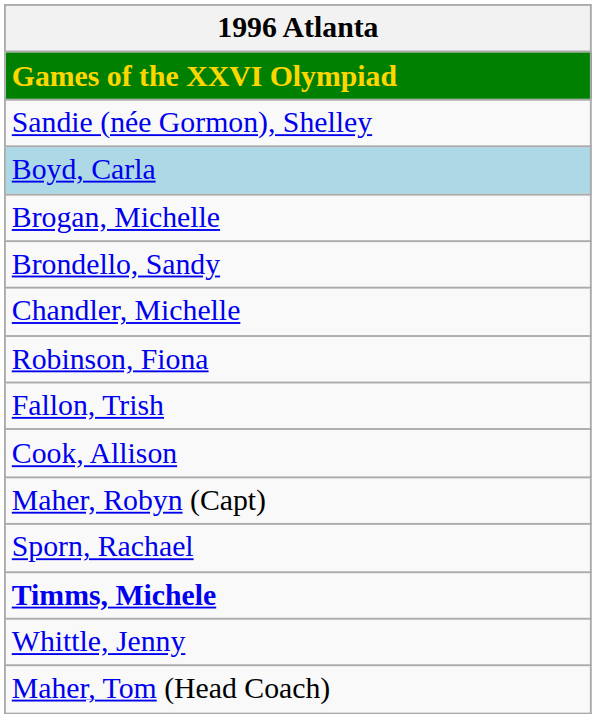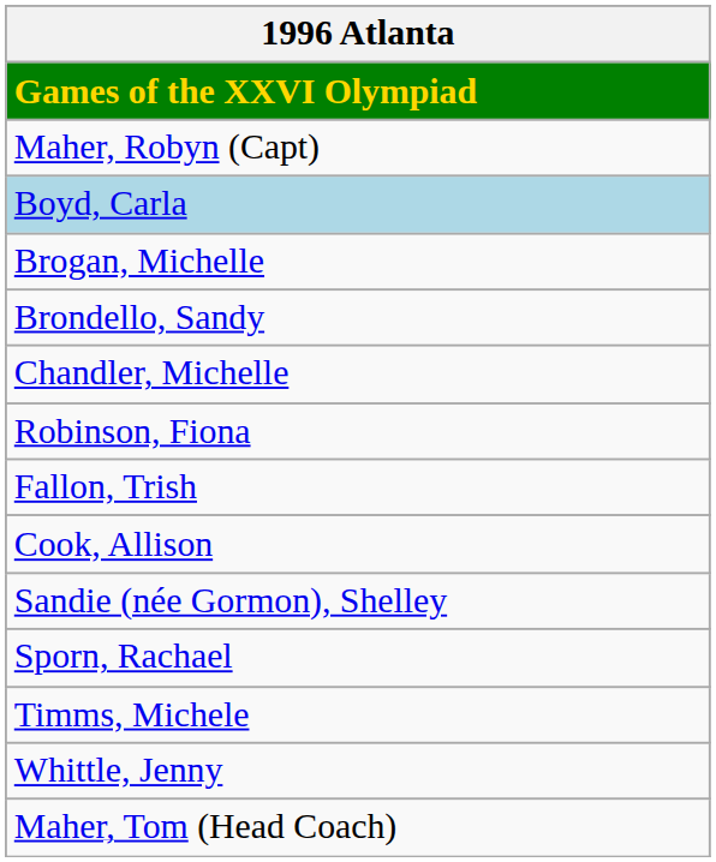 <table class="wikitable collapsible autocollapse" width=25%>
 <tr>
 <th>1996 Atlanta</th>
 </tr>
 <tr>
 <td bgcolor=green style="color:gold; width:200px"><strong>Games of the XXVI Olympiad</strong></td>
 </tr>
 <tr>
-<td><a href='#'>Sandie (née Gormon), Shelley</a></td>
+<td><a href='#'>Maher, Robyn</a> (Capt)</td>
 </tr>
 <tr>
 <td style="background: lightblue;"><a href='#'>Boyd, Carla</a></td>
 </tr>
 <tr>
 <td><a href='#'>Brogan, Michelle</a></td>
 </tr>
 <tr>
 <td><a href='#'>Brondello, Sandy</a></td>
 </tr>
 <tr>
 <td><a href='#'>Chandler, Michelle</a></td>
 </tr>
 <tr>
 <td><a href='#'>Robinson, Fiona</a></td>
 </tr>
 <tr>
 <td><a href='#'>Fallon, Trish</a></td>
 </tr>
 <tr>
 <td><a href='#'>Cook, Allison</a></td>
 </tr>
 <tr>
-<td><a href='#'>Maher, Robyn</a> (Capt)</td>
+<td><a href='#'>Sandie (née Gormon), Shelley</a></td>
 </tr>
 <tr>
 <td><a href='#'>Sporn, Rachael</a></td>
 </tr>
 <tr>
-<td><strong><a href='#'>Timms, Michele</a></strong></td>
+<td><a href='#'>Timms, Michele</a></td>
 </tr>
 <tr>
 <td><a href='#'>Whittle, Jenny</a></td>
 </tr>
 <tr>
 <td><a href='#'>Maher, Tom</a> (Head Coach)</td>
 </tr>
 </table>
